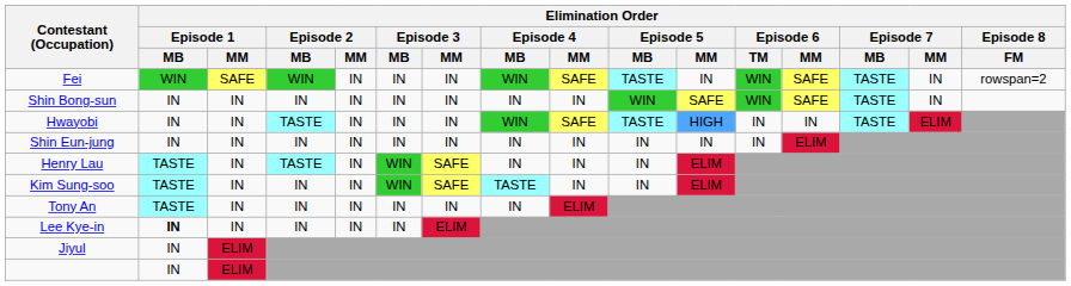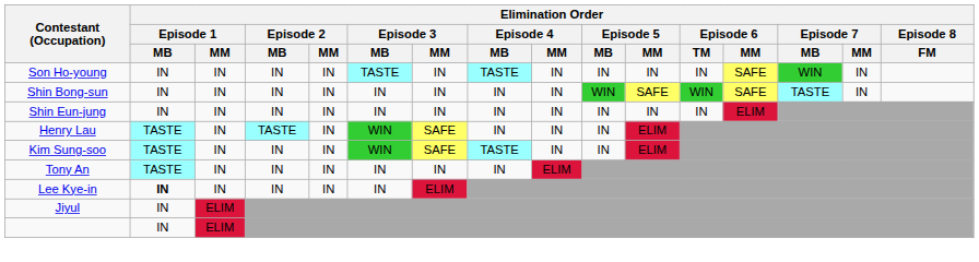 <table class="wikitable" style="text-align:center; width:90%; font-size:90%;">
 <tr>
 <th rowspan=3>Contestant<br>(Occupation)</th>
 <th colspan=15>Elimination Order</th>
 </tr>
 <tr>
 <th colspan=2>Episode 1</th>
 <th colspan=2>Episode 2</th>
 <th colspan=2>Episode 3</th>
 <th colspan=2>Episode 4</th>
 <th colspan=2>Episode 5</th>
 <th colspan=2>Episode 6</th>
 <th colspan=2>Episode 7</th>
 <th>Episode 8</th>
 </tr>
 <tr>
 <th>MB</th>
 <th>MM</th>
 <th>MB</th>
 <th>MM</th>
 <th>MB</th>
 <th>MM</th>
 <th>MB</th>
 <th>MM</th>
 <th>MB</th>
 <th>MM</th>
 <th>TM</th>
 <th>MM</th>
 <th>MB</th>
 <th>MM</th>
 <th>FM</th>
 </tr>
 <tr>
-<td><a href='#'>Fei</a><br></td>
-<td bgcolor="limegreen">WIN</td>
+<td><a href='#'>Son Ho-young</a><br></td>
+<td>IN</td>
+<td>IN</td>
+<td>IN</td>
+<td>IN</td>
+<td bgcolor="#99FFFF">TASTE</td>
+<td>IN</td>
+<td bgcolor="#99FFFF">TASTE</td>
+<td>IN</td>
+<td>IN</td>
+<td>IN</td>
+<td>IN</td>
 <td bgcolor="#FFFF66">SAFE</td>
 <td bgcolor="limegreen">WIN</td>
 <td>IN</td>
-<td>IN</td>
-<td>IN</td>
-<td bgcolor="limegreen">WIN</td>
-<td bgcolor="#FFFF66">SAFE</td>
-<td bgcolor="#99FFFF">TASTE</td>
-<td>IN</td>
-<td bgcolor="limegreen">WIN</td>
-<td bgcolor="#FFFF66">SAFE</td>
-<td bgcolor="#99FFFF">TASTE</td>
-<td>IN</td>
-<td>rowspan=2 </td>
+<td></td>
 </tr>
 <tr>
 <td><a href='#'>Shin Bong-sun</a><br></td>
 <td>IN</td>
 <td>IN</td>
 <td>IN</td>
 <td>IN</td>
 <td>IN</td>
 <td>IN</td>
 <td>IN</td>
 <td>IN</td>
 <td bgcolor="limegreen">WIN</td>
 <td bgcolor="#FFFF66">SAFE</td>
 <td bgcolor="limegreen">WIN</td>
 <td bgcolor="#FFFF66">SAFE</td>
 <td bgcolor="#99FFFF">TASTE</td>
 <td>IN</td>
-</tr>
-<tr>
-<td><a href='#'>Hwayobi</a><br></td>
-<td>IN</td>
-<td>IN</td>
-<td bgcolor="#99FFFF">TASTE</td>
-<td>IN</td>
-<td>IN</td>
-<td>IN</td>
-<td bgcolor="limegreen">WIN</td>
-<td bgcolor="#FFFF66">SAFE</td>
-<td bgcolor="#99FFFF">TASTE</td>
-<td bgcolor="#4da6ff">HIGH</td>
-<td>IN</td>
-<td>IN</td>
-<td bgcolor="#99FFFF">TASTE</td>
-<td bgcolor="crimson">ELIM</td>
-<td bgcolor="darkgrey"></td>
 </tr>
 <tr>
 <td><a href='#'>Shin Eun-jung</a><br></td>
 <td>IN</td>
 <td>IN</td>
 <td>IN</td>
 <td>IN</td>
 <td>IN</td>
 <td>IN</td>
 <td>IN</td>
 <td>IN</td>
 <td>IN</td>
 <td>IN</td>
 <td>IN</td>
 <td bgcolor="crimson">ELIM</td>
 <td colspan="3" bgcolor="darkgrey"></td>
 </tr>
 <tr>
 <td><a href='#'>Henry Lau</a><br></td>
 <td bgcolor="#99FFFF">TASTE</td>
 <td>IN</td>
 <td bgcolor="#99FFFF">TASTE</td>
 <td>IN</td>
 <td bgcolor="limegreen">WIN</td>
 <td bgcolor="#FFFF66">SAFE</td>
 <td>IN</td>
 <td>IN</td>
 <td>IN</td>
 <td bgcolor="crimson">ELIM</td>
 <td colspan="5" bgcolor="darkgrey"></td>
 </tr>
 <tr>
 <td><a href='#'>Kim Sung-soo</a><br></td>
 <td bgcolor="#99FFFF">TASTE</td>
 <td>IN</td>
 <td>IN</td>
 <td>IN</td>
 <td bgcolor="limegreen">WIN</td>
 <td bgcolor="#FFFF66">SAFE</td>
 <td bgcolor="#99FFFF">TASTE</td>
 <td>IN</td>
 <td>IN</td>
 <td bgcolor="crimson">ELIM</td>
 <td colspan="5" bgcolor="darkgrey"></td>
 </tr>
 <tr>
 <td><a href='#'>Tony An</a><br></td>
 <td bgcolor="#99FFFF">TASTE</td>
 <td>IN</td>
 <td>IN</td>
 <td>IN</td>
 <td>IN</td>
 <td>IN</td>
 <td>IN</td>
 <td bgcolor="crimson">ELIM</td>
 <td colspan="7" bgcolor="darkgrey"></td>
 </tr>
 <tr>
 <td><a href='#'>Lee Kye-in</a><br></td>
 <td><strong>IN</strong></td>
 <td>IN</td>
 <td>IN</td>
 <td>IN</td>
 <td>IN</td>
 <td bgcolor="crimson">ELIM</td>
 <td colspan="9" bgcolor="darkgrey"></td>
 </tr>
 <tr>
 <td><a href='#'>Jiyul</a><br></td>
 <td>IN</td>
 <td bgcolor="crimson">ELIM</td>
 <td colspan="13" bgcolor="darkgrey"></td>
 </tr>
 <tr>
 <td><br></td>
 <td>IN</td>
 <td bgcolor="crimson">ELIM</td>
 <td colspan="13" bgcolor="darkgrey"></td>
 </tr>
 </table>
